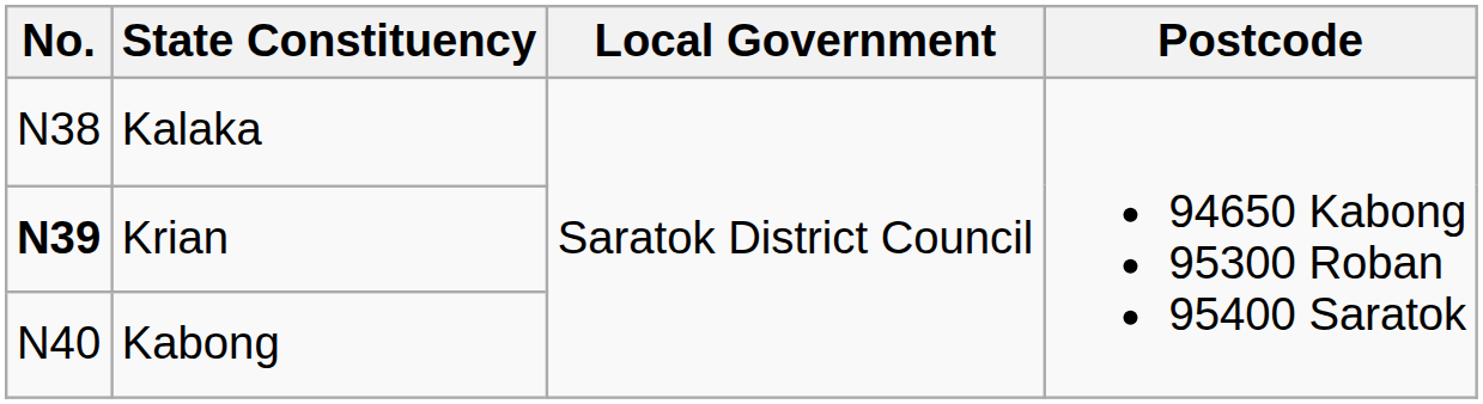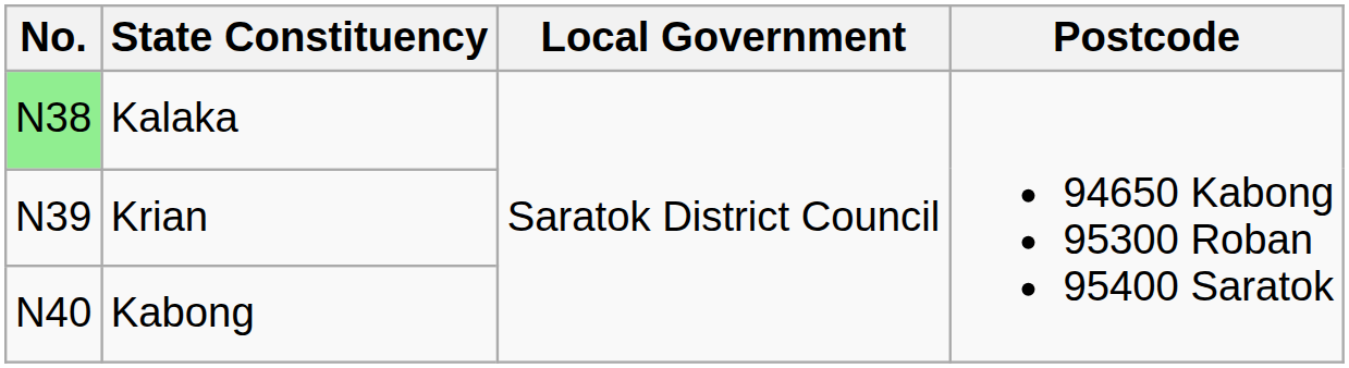 <table class="wikitable">
 <tr>
 <th>No.</th>
 <th>State Constituency</th>
 <th>Local Government</th>
 <th>Postcode</th>
 </tr>
 <tr>
-<td>N38</td>
+<td style="background: lightgreen;">N38</td>
 <td>Kalaka</td>
 <td rowspan="3">Saratok District Council</td>
 <td rowspan="3"><br><ul><li>94650 Kabong</li><li>95300 Roban</li><li>95400 Saratok</li></ul></td>
 </tr>
 <tr>
-<td><strong>N39</strong></td>
+<td>N39</td>
 <td>Krian</td>
 </tr>
 <tr>
 <td>N40</td>
 <td>Kabong</td>
 </tr>
 </table>
